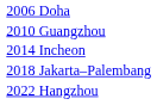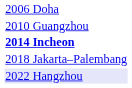 <table>
 <tr>
 <td><a href='#'>2006 Doha</a></td>
 <td></td>
 <td></td>
 <td></td>
 </tr>
 <tr>
 <td><a href='#'>2010 Guangzhou</a></td>
 <td></td>
 <td></td>
 <td></td>
 </tr>
 <tr>
-<td><a href='#'>2014 Incheon</a></td>
+<td><strong><a href='#'>2014 Incheon</a></strong></td>
 <td></td>
 <td></td>
 <td></td>
 </tr>
 <tr>
 <td><a href='#'>2018 Jakarta–Palembang</a></td>
 <td></td>
 <td></td>
 <td></td>
 </tr>
 <tr>
-<td><a href='#'>2022 Hangzhou</a></td>
+<td style="background: lavender;"><a href='#'>2022 Hangzhou</a></td>
 <td></td>
 <td></td>
 <td></td>
 </tr>
 </table>
